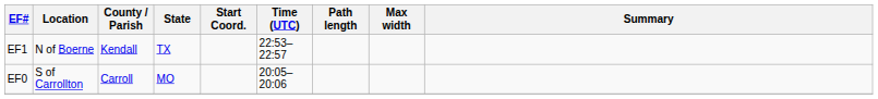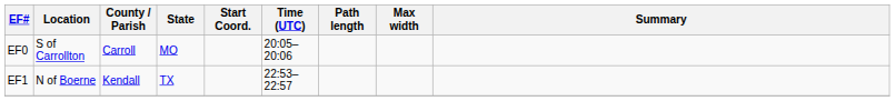 <table class="wikitable sortable" style="width:100%;">
 <tr>
 <th scope="col"  style="width:3%; text-align:center;"><a href='#'>EF#</a></th>
 <th scope="col"  style="width:7%; text-align:center;" class="unsortable">Location</th>
 <th scope="col"  style="width:6%; text-align:center;" class="unsortable">County / Parish</th>
 <th scope="col"  style="width:5%; text-align:center;">State</th>
 <th scope="col"  style="width:6%; text-align:center;">Start Coord.</th>
 <th scope="col"  style="width:6%; text-align:center;">Time (<a href='#'>UTC</a>)</th>
 <th scope="col"  style="width:6%; text-align:center;">Path length</th>
 <th scope="col"  style="width:6%; text-align:center;">Max width</th>
 <th scope="col" class="unsortable" style="width:48%; text-align:center;">Summary</th>
 </tr>
 <tr>
+<td>EF0</td>
+<td>S of <a href='#'>Carrollton</a></td>
+<td><a href='#'>Carroll</a></td>
+<td><a href='#'>MO</a></td>
+<td></td>
+<td>20:05–20:06</td>
+<td></td>
+<td></td>
+<td></td>
+</tr>
+<tr>
 <td>EF1</td>
 <td>N of <a href='#'>Boerne</a></td>
 <td><a href='#'>Kendall</a></td>
 <td><a href='#'>TX</a></td>
 <td></td>
 <td>22:53–22:57</td>
 <td></td>
 <td></td>
 <td></td>
 </tr>
 <tr>
-<td>EF0</td>
-<td>S of <a href='#'>Carrollton</a></td>
-<td><a href='#'>Carroll</a></td>
-<td><a href='#'>MO</a></td>
-<td></td>
-<td>20:05–20:06</td>
-<td></td>
-<td></td>
-<td></td>
-</tr>
-<tr>
 </tr>
 </table>
